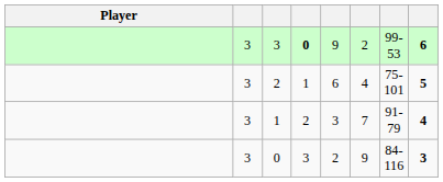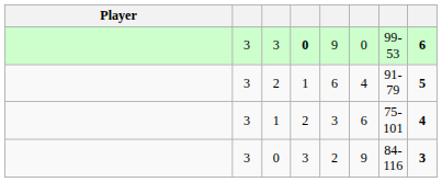 <table class="wikitable" style="text-align: center; font-size:90% ">
 <tr>
 <th width=240>Player</th>
 <th width=25></th>
 <th width=25></th>
 <th width=25></th>
 <th width=25></th>
 <th width=25></th>
 <th width=25></th>
 <th width=25></th>
 </tr>
 <tr bgcolor="ccffcc">
 <td align=left></td>
 <td>3</td>
 <td>3</td>
 <td><strong>0</strong></td>
 <td>9</td>
-<td>2</td>
+<td>0</td>
 <td>99-53</td>
 <td><strong>6</strong></td>
 </tr>
 <tr>
 <td align=left></td>
 <td>3</td>
 <td>2</td>
 <td>1</td>
 <td>6</td>
 <td>4</td>
-<td>75-101</td>
+<td>91-79</td>
 <td><strong>5</strong></td>
 </tr>
 <tr>
 <td align=left></td>
 <td>3</td>
 <td>1</td>
 <td>2</td>
 <td>3</td>
-<td>7</td>
-<td>91-79</td>
+<td>6</td>
+<td>75-101</td>
 <td><strong>4</strong></td>
 </tr>
 <tr>
 <td align=left></td>
 <td>3</td>
 <td>0</td>
 <td>3</td>
 <td>2</td>
 <td>9</td>
 <td>84-116</td>
 <td><strong>3</strong></td>
 </tr>
 </table>
